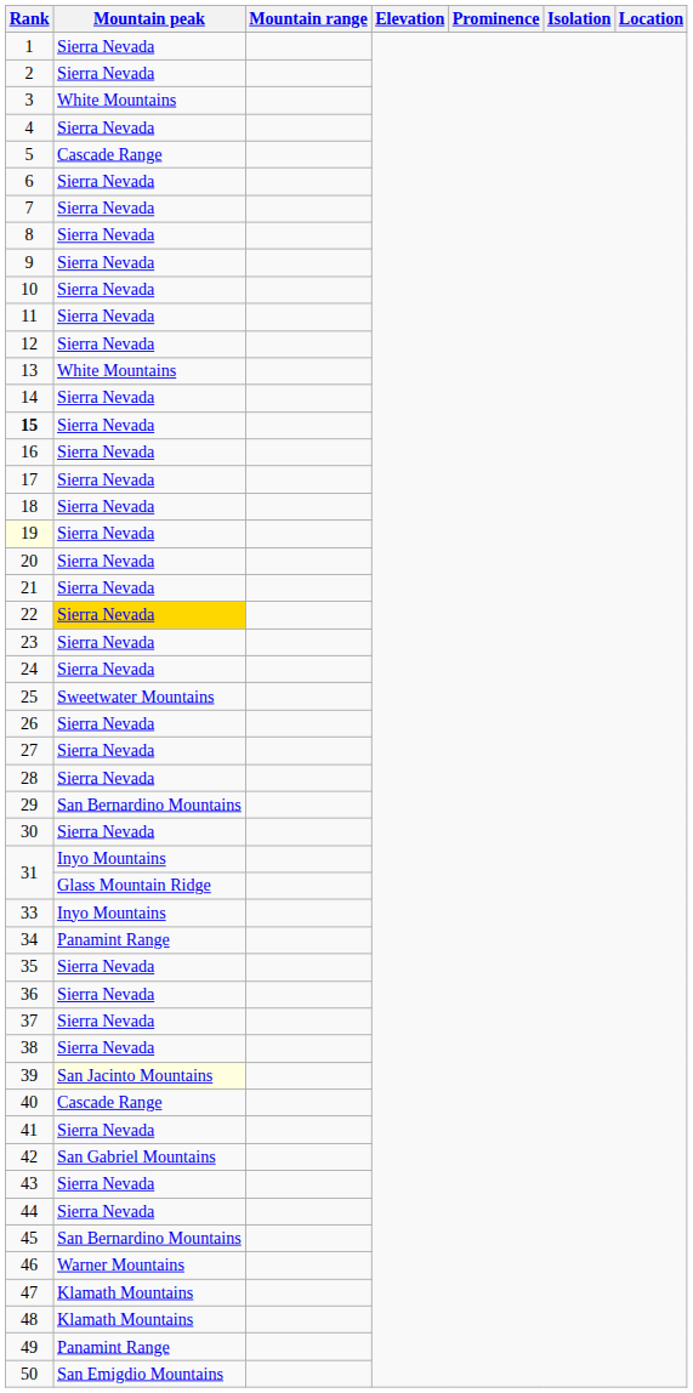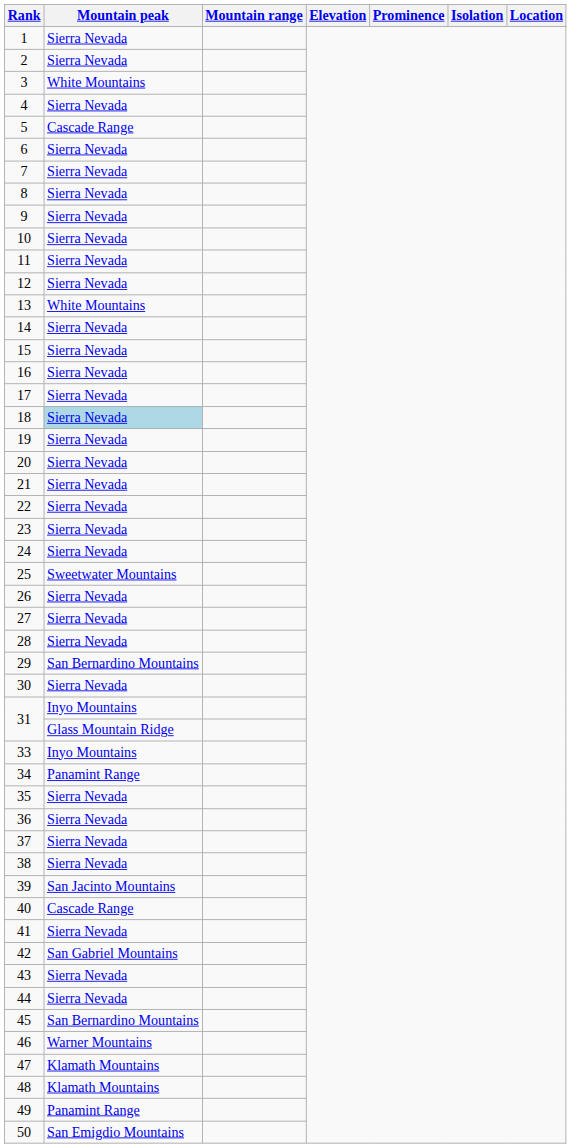 <table class="wikitable sortable">
 <tr>
 <th><a href='#'>Rank</a></th>
 <th><a href='#'>Mountain peak</a></th>
 <th><a href='#'>Mountain range</a></th>
 <th><a href='#'>Elevation</a></th>
 <th><a href='#'>Prominence</a></th>
 <th><a href='#'>Isolation</a></th>
 <th><a href='#'>Location</a></th>
 </tr>
 <tr>
 <td align=center>1<br></td>
 <td><a href='#'>Sierra Nevada</a><br></td>
 <td></td>
 </tr>
 <tr>
 <td align=center>2<br></td>
 <td><a href='#'>Sierra Nevada</a><br></td>
 <td></td>
 </tr>
 <tr>
 <td align=center>3<br></td>
 <td><a href='#'>White Mountains</a><br></td>
 <td></td>
 </tr>
 <tr>
 <td align=center>4<br></td>
 <td><a href='#'>Sierra Nevada</a><br></td>
 <td></td>
 </tr>
 <tr>
 <td align=center>5<br></td>
 <td><a href='#'>Cascade Range</a><br></td>
 <td></td>
 </tr>
 <tr>
 <td align=center>6<br></td>
 <td><a href='#'>Sierra Nevada</a><br></td>
 <td></td>
 </tr>
 <tr>
 <td align=center>7<br></td>
 <td><a href='#'>Sierra Nevada</a><br></td>
 <td></td>
 </tr>
 <tr>
 <td align=center>8<br></td>
 <td><a href='#'>Sierra Nevada</a><br></td>
 <td></td>
 </tr>
 <tr>
 <td align=center>9<br></td>
 <td><a href='#'>Sierra Nevada</a><br></td>
 <td></td>
 </tr>
 <tr>
 <td align=center>10<br></td>
 <td><a href='#'>Sierra Nevada</a><br></td>
 <td></td>
 </tr>
 <tr>
 <td align=center>11<br></td>
 <td><a href='#'>Sierra Nevada</a><br></td>
 <td></td>
 </tr>
 <tr>
 <td align=center>12<br></td>
 <td><a href='#'>Sierra Nevada</a><br></td>
 <td></td>
 </tr>
 <tr>
 <td align=center>13<br></td>
 <td><a href='#'>White Mountains</a><br></td>
 <td></td>
 </tr>
 <tr>
 <td align=center>14<br></td>
 <td><a href='#'>Sierra Nevada</a><br></td>
 <td></td>
 </tr>
 <tr>
-<td align=center><strong>15<br></strong></td>
+<td align=center>15<br></td>
 <td><a href='#'>Sierra Nevada</a><br></td>
 <td></td>
 </tr>
 <tr>
 <td align=center>16<br></td>
 <td><a href='#'>Sierra Nevada</a><br></td>
 <td></td>
 </tr>
 <tr>
 <td align=center>17<br></td>
 <td><a href='#'>Sierra Nevada</a><br></td>
 <td></td>
 </tr>
 <tr>
 <td align=center>18<br></td>
-<td><a href='#'>Sierra Nevada</a><br></td>
+<td style="background: lightblue;"><a href='#'>Sierra Nevada</a><br></td>
 <td></td>
 </tr>
 <tr>
-<td align=center style="background: lightyellow;">19<br></td>
+<td align=center>19<br></td>
 <td><a href='#'>Sierra Nevada</a><br></td>
 <td></td>
 </tr>
 <tr>
 <td align=center>20<br></td>
 <td><a href='#'>Sierra Nevada</a><br></td>
 <td></td>
 </tr>
 <tr>
 <td align=center>21<br></td>
 <td><a href='#'>Sierra Nevada</a><br></td>
 <td></td>
 </tr>
 <tr>
 <td align=center>22<br></td>
-<td style="background: gold;"><a href='#'>Sierra Nevada</a><br></td>
+<td><a href='#'>Sierra Nevada</a><br></td>
 <td></td>
 </tr>
 <tr>
 <td align=center>23<br></td>
 <td><a href='#'>Sierra Nevada</a><br></td>
 <td></td>
 </tr>
 <tr>
 <td align=center>24<br></td>
 <td><a href='#'>Sierra Nevada</a><br></td>
 <td></td>
 </tr>
 <tr>
 <td align=center>25<br></td>
 <td><a href='#'>Sweetwater Mountains</a><br></td>
 <td></td>
 </tr>
 <tr>
 <td align=center>26<br></td>
 <td><a href='#'>Sierra Nevada</a><br></td>
 <td></td>
 </tr>
 <tr>
 <td align=center>27<br></td>
 <td><a href='#'>Sierra Nevada</a><br></td>
 <td></td>
 </tr>
 <tr>
 <td align=center>28<br></td>
 <td><a href='#'>Sierra Nevada</a><br></td>
 <td></td>
 </tr>
 <tr>
 <td align=center>29<br></td>
 <td><a href='#'>San Bernardino Mountains</a><br></td>
 <td></td>
 </tr>
 <tr>
 <td align=center>30<br></td>
 <td><a href='#'>Sierra Nevada</a><br></td>
 <td></td>
 </tr>
 <tr>
 <td align=center rowspan=2>31<br></td>
 <td><a href='#'>Inyo Mountains</a><br></td>
 <td></td>
 </tr>
 <tr>
 <td><a href='#'>Glass Mountain Ridge</a><br></td>
 <td></td>
 </tr>
 <tr>
 <td align=center>33<br></td>
 <td><a href='#'>Inyo Mountains</a><br></td>
 <td></td>
 </tr>
 <tr>
 <td align=center>34<br></td>
 <td><a href='#'>Panamint Range</a><br></td>
 <td></td>
 </tr>
 <tr>
 <td align=center>35<br></td>
 <td><a href='#'>Sierra Nevada</a><br></td>
 <td></td>
 </tr>
 <tr>
 <td align=center>36<br></td>
 <td><a href='#'>Sierra Nevada</a><br></td>
 <td></td>
 </tr>
 <tr>
 <td align=center>37<br></td>
 <td><a href='#'>Sierra Nevada</a><br></td>
 <td></td>
 </tr>
 <tr>
 <td align=center>38<br></td>
 <td><a href='#'>Sierra Nevada</a><br></td>
 <td></td>
 </tr>
 <tr>
 <td align=center>39<br></td>
-<td style="background: lightyellow;"><a href='#'>San Jacinto Mountains</a><br></td>
+<td><a href='#'>San Jacinto Mountains</a><br></td>
 <td></td>
 </tr>
 <tr>
 <td align=center>40<br></td>
 <td><a href='#'>Cascade Range</a><br></td>
 <td></td>
 </tr>
 <tr>
 <td align=center>41<br></td>
 <td><a href='#'>Sierra Nevada</a><br></td>
 <td></td>
 </tr>
 <tr>
 <td align=center>42<br></td>
 <td><a href='#'>San Gabriel Mountains</a><br></td>
 <td></td>
 </tr>
 <tr>
 <td align=center>43<br></td>
 <td><a href='#'>Sierra Nevada</a><br></td>
 <td></td>
 </tr>
 <tr>
 <td align=center>44<br></td>
 <td><a href='#'>Sierra Nevada</a><br></td>
 <td></td>
 </tr>
 <tr>
 <td align=center>45<br></td>
 <td><a href='#'>San Bernardino Mountains</a><br></td>
 <td></td>
 </tr>
 <tr>
 <td align=center>46<br></td>
 <td><a href='#'>Warner Mountains</a><br></td>
 <td></td>
 </tr>
 <tr>
 <td align=center>47<br></td>
 <td><a href='#'>Klamath Mountains</a><br></td>
 <td></td>
 </tr>
 <tr>
 <td align=center>48<br></td>
 <td><a href='#'>Klamath Mountains</a><br></td>
 <td></td>
 </tr>
 <tr>
 <td align=center>49<br></td>
 <td><a href='#'>Panamint Range</a><br></td>
 <td></td>
 </tr>
 <tr>
 <td align=center>50<br></td>
 <td><a href='#'>San Emigdio Mountains</a><br></td>
 <td></td>
 </tr>
 </table>
